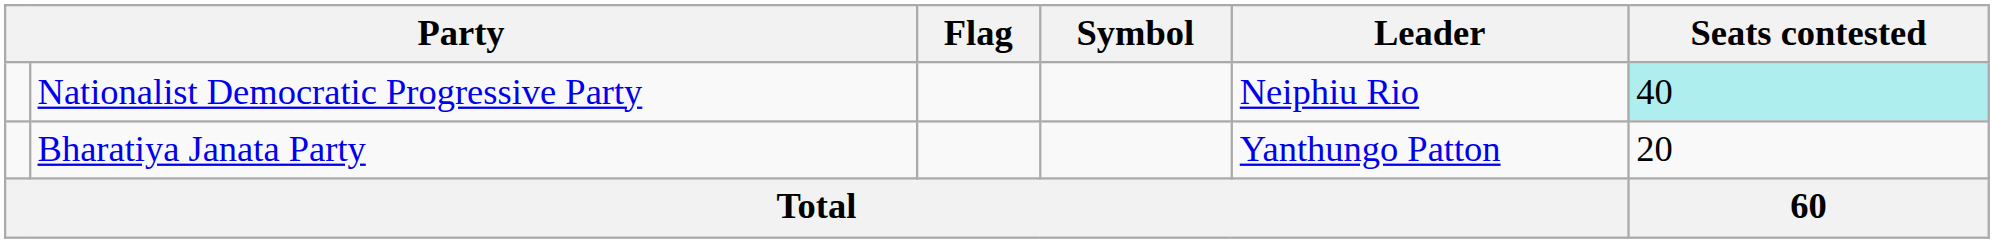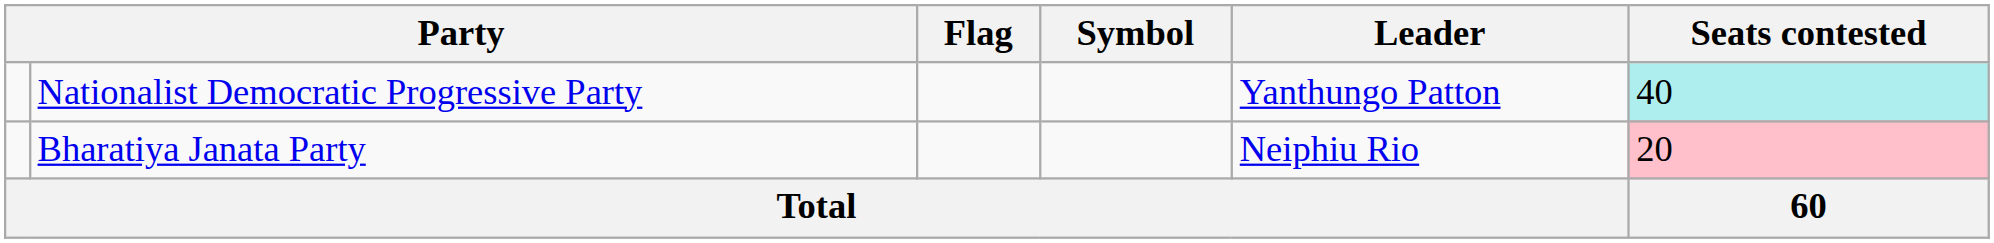 <table class="wikitable"  width="55%">
 <tr>
 <th colspan="2">Party</th>
 <th>Flag</th>
 <th>Symbol</th>
 <th>Leader</th>
 <th>Seats contested</th>
 </tr>
 <tr>
 <td style="text-align:center; background:"></td>
 <td><a href='#'>Nationalist Democratic Progressive Party</a></td>
 <td></td>
 <td></td>
-<td><a href='#'>Neiphiu Rio</a></td>
+<td><a href='#'>Yanthungo Patton</a></td>
 <td style="background: paleturquoise;">40</td>
 </tr>
 <tr>
 <td style="text-align:center; background:"></td>
 <td><a href='#'>Bharatiya Janata Party</a></td>
 <td></td>
 <td></td>
-<td><a href='#'>Yanthungo Patton</a></td>
-<td>20</td>
+<td><a href='#'>Neiphiu Rio</a></td>
+<td style="background: pink;">20</td>
 </tr>
 <tr>
 <th colspan="5">Total</th>
 <th>60</th>
 </tr>
 </table>
